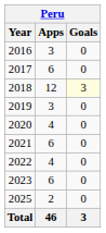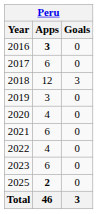 <table class="wikitable" style="text-align:center">
 <tr>
 <th colspan=3><a href='#'>Peru</a></th>
 </tr>
 <tr>
 <th>Year</th>
 <th>Apps</th>
 <th>Goals</th>
 </tr>
 <tr>
 <td>2016</td>
-<td>3</td>
+<td><strong>3</strong></td>
 <td>0</td>
 </tr>
 <tr>
 <td>2017</td>
 <td>6</td>
 <td>0</td>
 </tr>
 <tr>
 <td>2018</td>
 <td>12</td>
-<td style="background: lightyellow;">3</td>
+<td>3</td>
 </tr>
 <tr>
 <td>2019</td>
 <td>3</td>
 <td>0</td>
 </tr>
 <tr>
 <td>2020</td>
 <td>4</td>
 <td>0</td>
 </tr>
 <tr>
 <td>2021</td>
 <td>6</td>
 <td>0</td>
 </tr>
 <tr>
 <td>2022</td>
 <td>4</td>
 <td>0</td>
 </tr>
 <tr>
 <td>2023</td>
 <td>6</td>
 <td>0</td>
 </tr>
 <tr>
 <td>2025</td>
-<td>2</td>
+<td><strong>2</strong></td>
 <td>0</td>
 </tr>
 <tr>
 <th>Total</th>
 <th>46</th>
 <th>3</th>
 </tr>
 </table>
